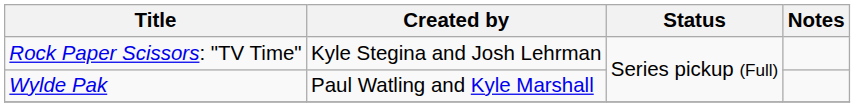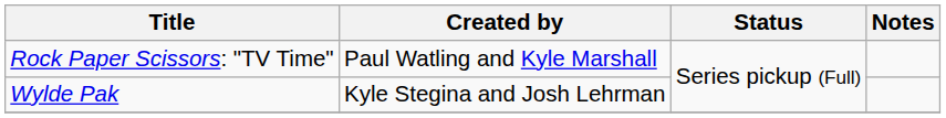 <table class="wikitable sortable">
 <tr>
 <th>Title</th>
 <th>Created by</th>
 <th>Status</th>
 <th>Notes</th>
 </tr>
 <tr>
 <td><em><a href='#'>Rock Paper Scissors</a></em>: "TV Time"</td>
-<td>Kyle Stegina and Josh Lehrman</td>
+<td>Paul Watling and <a href='#'>Kyle Marshall</a></td>
 <td rowspan="2">Series pickup <small>(Full)</small></td>
 <td></td>
 </tr>
 <tr>
 <td><em><a href='#'>Wylde Pak</a></em></td>
-<td>Paul Watling and <a href='#'>Kyle Marshall</a></td>
+<td>Kyle Stegina and Josh Lehrman</td>
 <td></td>
 </tr>
 <tr>
 </tr>
 </table>
